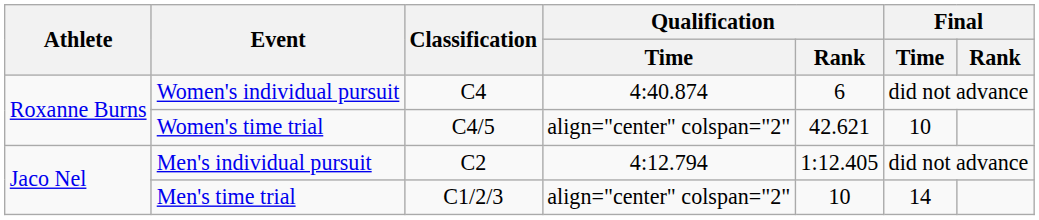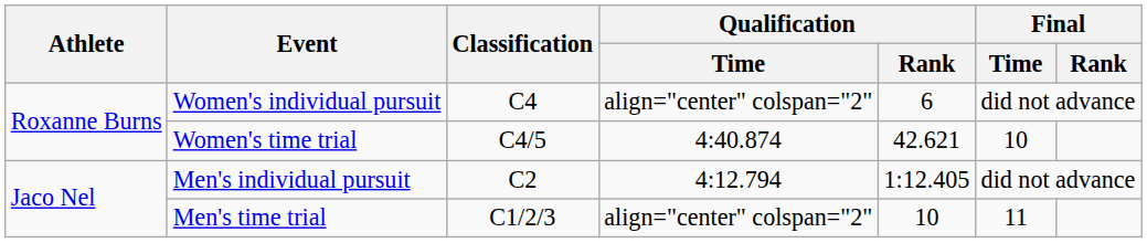 <table class=wikitable>
 <tr>
 <th rowspan="2">Athlete</th>
 <th rowspan="2">Event</th>
 <th rowspan="2">Classification</th>
 <th colspan="2">Qualification</th>
 <th colspan="2">Final</th>
 </tr>
 <tr>
 <th>Time</th>
 <th>Rank</th>
 <th>Time</th>
 <th>Rank</th>
 </tr>
 <tr>
 <td rowspan=2><a href='#'>Roxanne Burns</a></td>
 <td><a href='#'>Women's individual pursuit</a></td>
 <td align=center>C4</td>
-<td align=center>4:40.874</td>
+<td>align="center" colspan="2" </td>
 <td align=center>6</td>
 <td style="text-align:center;" colspan="2">did not advance</td>
 </tr>
 <tr>
 <td><a href='#'>Women's time trial</a></td>
 <td align=center>C4/5</td>
-<td>align="center" colspan="2" </td>
+<td align=center>4:40.874</td>
 <td align=center>42.621</td>
 <td align=center>10</td>
 </tr>
 <tr>
 <td rowspan=2><a href='#'>Jaco Nel</a></td>
 <td><a href='#'>Men's individual pursuit</a></td>
 <td align=center>C2</td>
 <td align=center>4:12.794</td>
 <td align=center>1:12.405</td>
 <td style="text-align:center;" colspan="2">did not advance</td>
 </tr>
 <tr>
 <td><a href='#'>Men's time trial</a></td>
 <td align=center>C1/2/3</td>
 <td>align="center" colspan="2" </td>
 <td align=center>10</td>
-<td align=center>14</td>
+<td align=center>11</td>
 </tr>
 </table>
